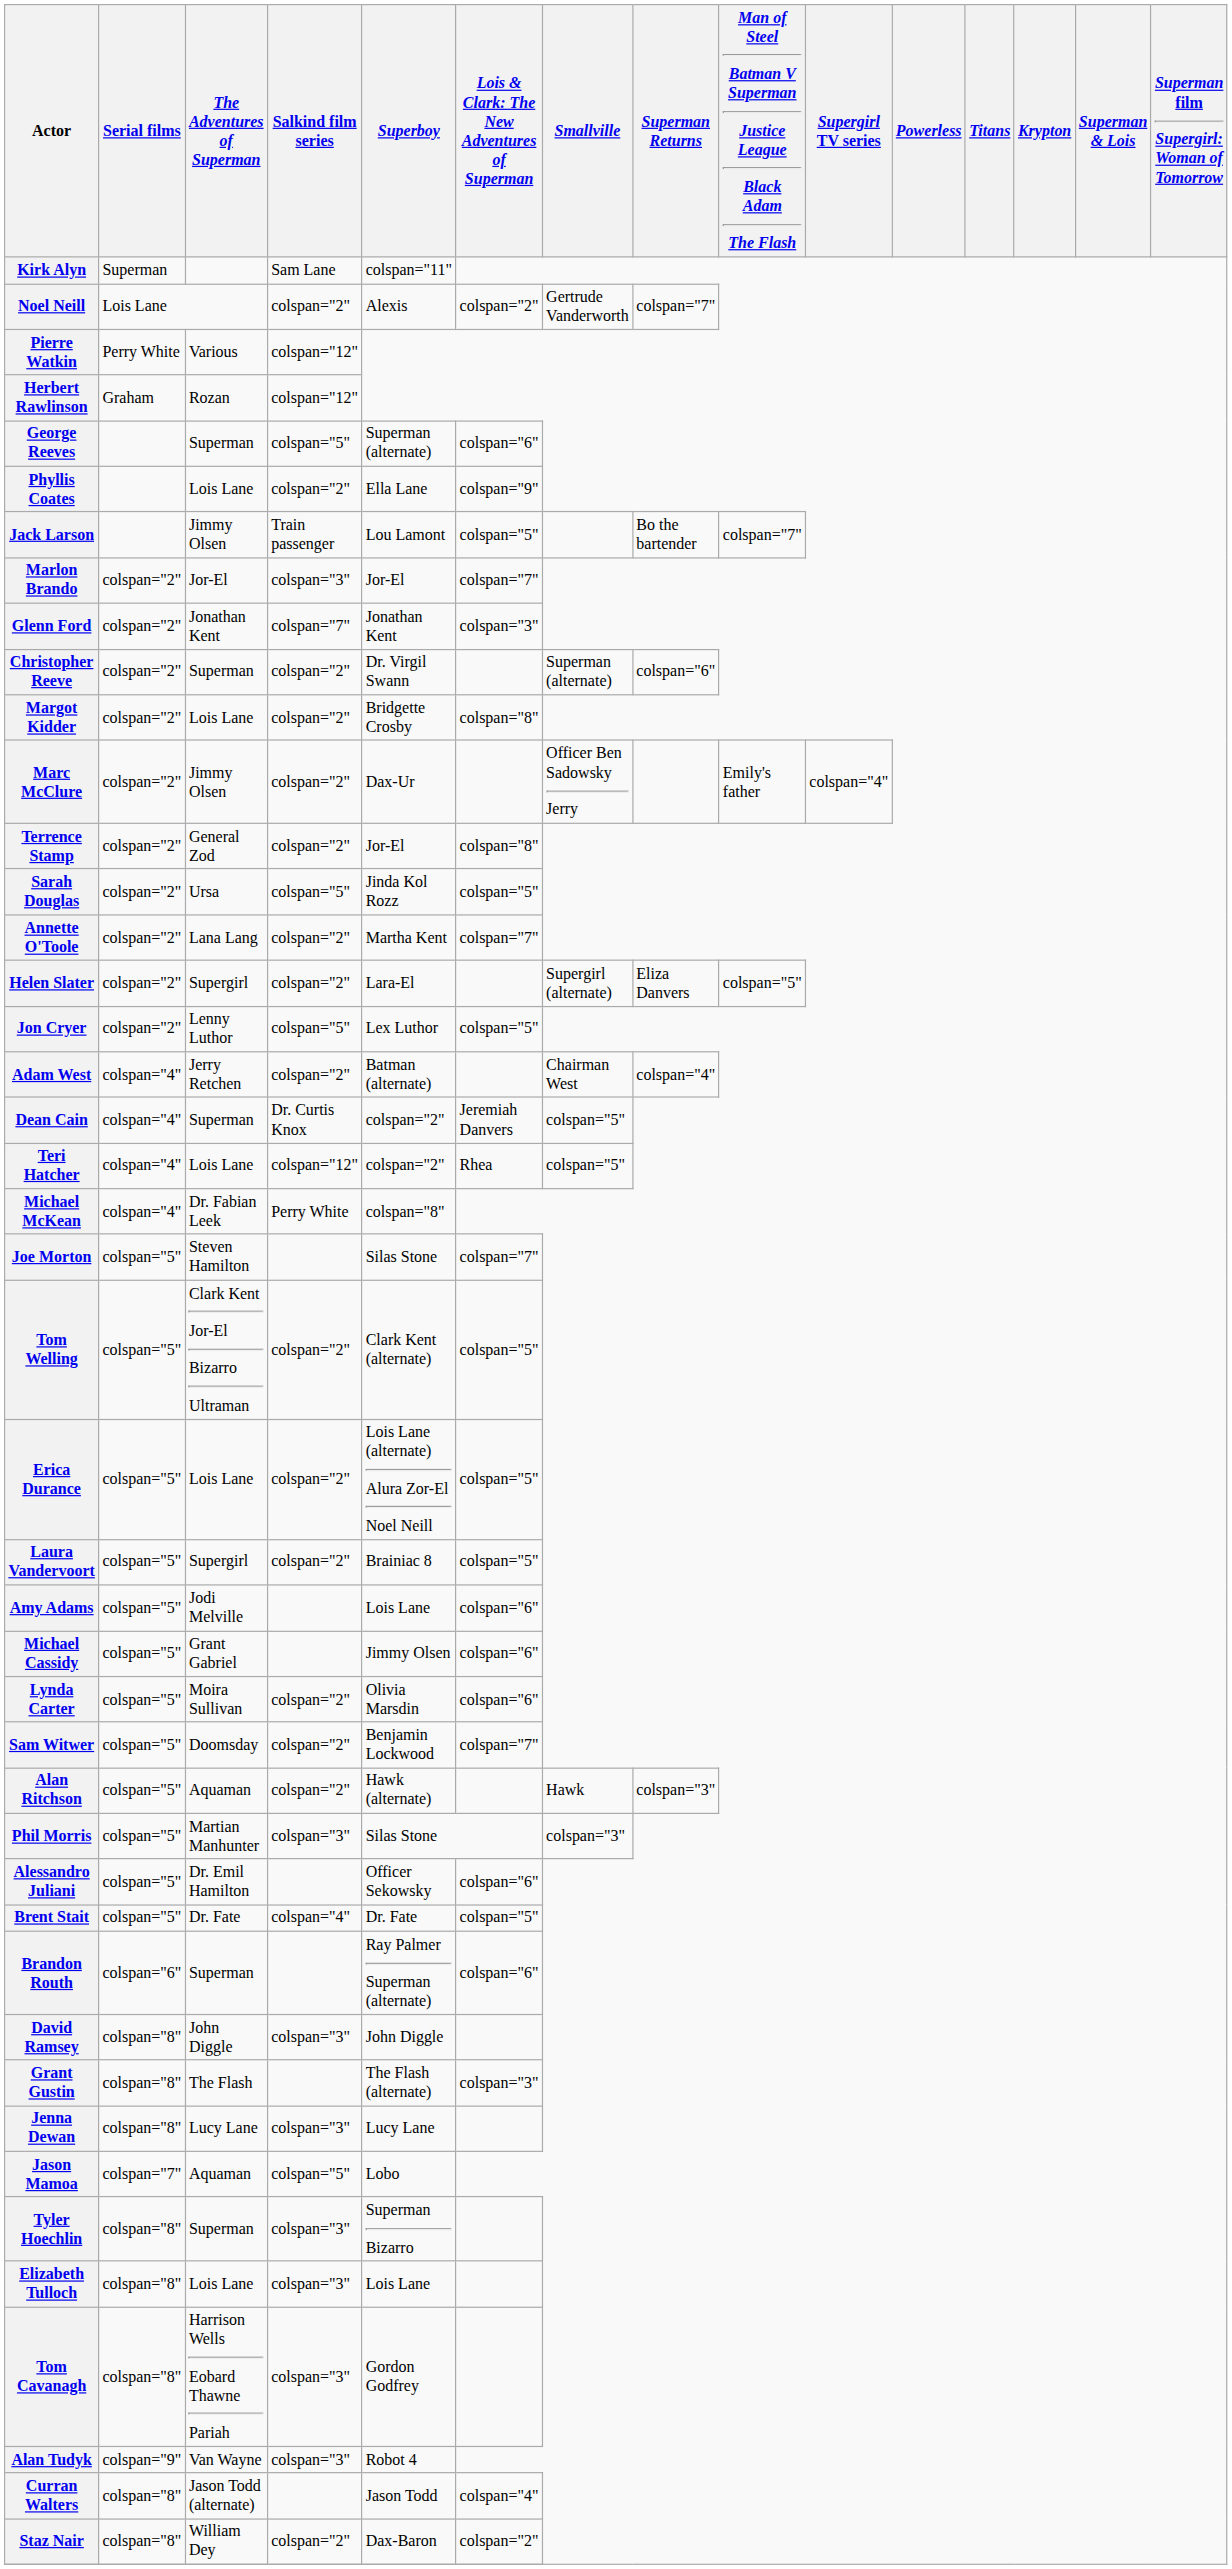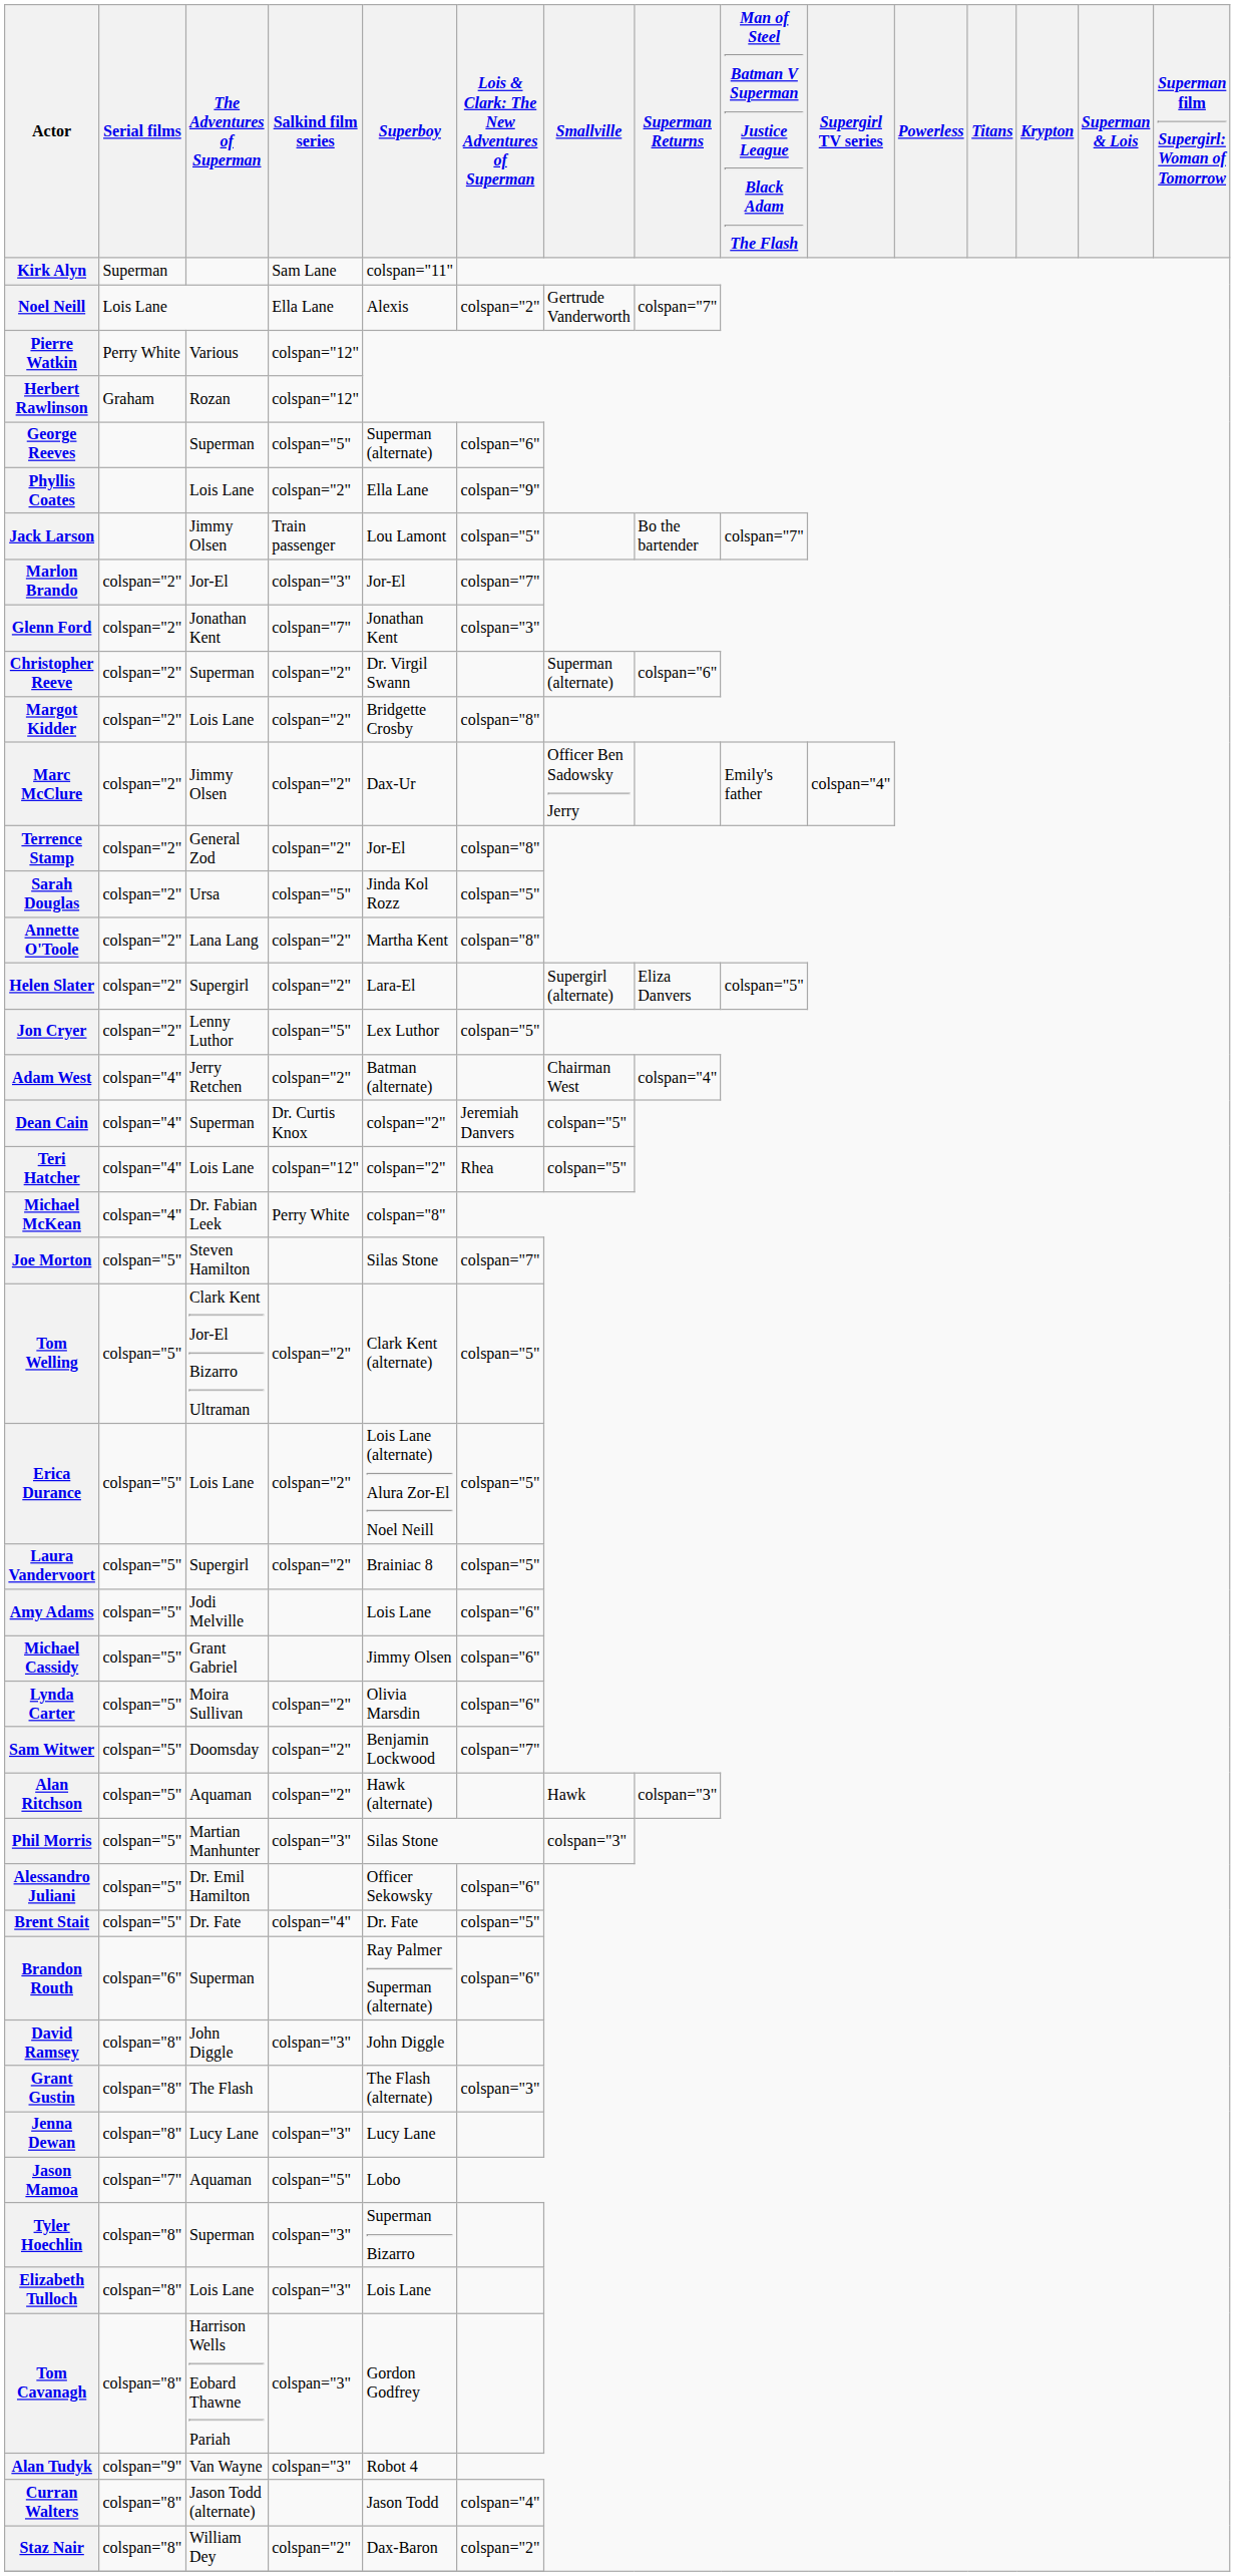 <table class="wikitable sortable sticky-header-multi" style="width:100%; font-size:84%;" id="liveactionactors">
 <tr>
 <th style="width:15%;">Actor</th>
 <th><a href='#'>Serial films</a><br></th>
 <th><em><a href='#'>The Adventures of Superman</a></em><br></th>
 <th><a href='#'>Salkind film series</a><br></th>
 <th><a href='#'><em>Superboy</em></a><br></th>
 <th><em><a href='#'>Lois & Clark: The New Adventures of Superman</a></em><br></th>
 <th><em><a href='#'>Smallville</a></em><br></th>
 <th><em><a href='#'>Superman Returns</a></em><br></th>
 <th><a href='#'><em>Man of Steel</em></a><hr><a href='#'><em>Batman V Superman</em></a><hr><a href='#'><em>Justice League</em></a><hr><a href='#'><em>Black Adam</em></a><hr><a href='#'><em>The Flash</em></a><br></th>
 <th><a href='#'><em>Supergirl</em> TV series</a><br></th>
 <th><em><a href='#'>Powerless</a></em><br></th>
 <th><a href='#'><em>Titans</em></a><br></th>
 <th><em><a href='#'>Krypton</a></em><br></th>
 <th><em><a href='#'>Superman & Lois</a></em><br></th>
 <th><a href='#'><em>Superman</em> film</a><hr> <a href='#'><em>Supergirl: Woman of Tomorrow</em></a><br></th>
 </tr>
 <tr>
 <th><a href='#'>Kirk Alyn</a></th>
 <td>Superman</td>
 <td></td>
 <td>Sam Lane</td>
 <td>colspan="11" </td>
 </tr>
 <tr>
 <th><a href='#'>Noel Neill</a></th>
 <td colspan="2">Lois Lane</td>
-<td>colspan="2" </td>
+<td>Ella Lane</td>
 <td>Alexis</td>
 <td>colspan="2" </td>
 <td>Gertrude Vanderworth</td>
 <td>colspan="7" </td>
 </tr>
 <tr>
 <th><a href='#'>Pierre Watkin</a></th>
 <td>Perry White</td>
 <td>Various</td>
 <td>colspan="12" </td>
 </tr>
 <tr>
 <th><a href='#'>Herbert Rawlinson</a></th>
 <td>Graham</td>
 <td>Rozan</td>
 <td>colspan="12" </td>
 </tr>
 <tr>
 <th><a href='#'>George Reeves</a></th>
 <td></td>
 <td>Superman</td>
 <td>colspan="5" </td>
 <td>Superman (alternate)</td>
 <td>colspan="6" </td>
 </tr>
 <tr>
 <th><a href='#'>Phyllis Coates</a></th>
 <td></td>
 <td>Lois Lane</td>
 <td>colspan="2" </td>
 <td>Ella Lane</td>
 <td>colspan="9" </td>
 </tr>
 <tr>
 <th><a href='#'>Jack Larson</a></th>
 <td></td>
 <td>Jimmy Olsen</td>
 <td>Train passenger</td>
 <td>Lou Lamont</td>
 <td>colspan="5" </td>
 <td></td>
 <td>Bo the bartender</td>
 <td>colspan="7" </td>
 </tr>
 <tr>
 <th><a href='#'>Marlon Brando</a></th>
 <td>colspan="2" </td>
 <td>Jor-El</td>
 <td>colspan="3" </td>
 <td>Jor-El</td>
 <td>colspan="7" </td>
 </tr>
 <tr>
 <th><a href='#'>Glenn Ford</a></th>
 <td>colspan="2" </td>
 <td>Jonathan Kent</td>
 <td>colspan="7" </td>
 <td>Jonathan Kent</td>
 <td>colspan="3" </td>
 </tr>
 <tr>
 <th><a href='#'>Christopher Reeve</a></th>
 <td>colspan="2" </td>
 <td>Superman</td>
 <td>colspan="2" </td>
 <td>Dr. Virgil Swann</td>
 <td></td>
 <td>Superman (alternate)</td>
 <td>colspan="6" </td>
 </tr>
 <tr>
 <th><a href='#'>Margot Kidder</a></th>
 <td>colspan="2" </td>
 <td>Lois Lane</td>
 <td>colspan="2" </td>
 <td>Bridgette Crosby</td>
 <td>colspan="8" </td>
 </tr>
 <tr>
 <th><a href='#'>Marc McClure</a></th>
 <td>colspan="2" </td>
 <td>Jimmy Olsen</td>
 <td>colspan="2" </td>
 <td>Dax-Ur</td>
 <td></td>
 <td>Officer Ben Sadowsky<hr>Jerry</td>
 <td></td>
 <td>Emily's father</td>
 <td>colspan="4" </td>
 </tr>
 <tr>
 <th><a href='#'>Terrence Stamp</a></th>
 <td>colspan="2" </td>
 <td>General Zod</td>
 <td>colspan="2" </td>
 <td>Jor-El</td>
 <td>colspan="8" </td>
 </tr>
 <tr>
 <th><a href='#'>Sarah Douglas</a></th>
 <td>colspan="2" </td>
 <td>Ursa</td>
 <td>colspan="5" </td>
 <td>Jinda Kol Rozz</td>
 <td>colspan="5" </td>
 </tr>
 <tr>
 <th><a href='#'>Annette O'Toole</a></th>
 <td>colspan="2" </td>
 <td>Lana Lang</td>
 <td>colspan="2" </td>
 <td>Martha Kent</td>
-<td>colspan="7" </td>
+<td>colspan="8" </td>
 </tr>
 <tr>
 <th><a href='#'>Helen Slater</a></th>
 <td>colspan="2" </td>
 <td>Supergirl</td>
 <td>colspan="2" </td>
 <td>Lara-El</td>
 <td></td>
 <td>Supergirl (alternate)</td>
 <td>Eliza Danvers</td>
 <td>colspan="5" </td>
 </tr>
 <tr>
 <th><a href='#'>Jon Cryer</a></th>
 <td>colspan="2" </td>
 <td>Lenny Luthor</td>
 <td>colspan="5" </td>
 <td>Lex Luthor</td>
 <td>colspan="5" </td>
 </tr>
 <tr>
 <th><a href='#'>Adam West</a></th>
 <td>colspan="4" </td>
 <td>Jerry Retchen</td>
 <td>colspan="2" </td>
 <td>Batman (alternate)</td>
 <td></td>
 <td>Chairman West</td>
 <td>colspan="4" </td>
 </tr>
 <tr>
 <th><a href='#'>Dean Cain</a></th>
 <td>colspan="4" </td>
 <td>Superman</td>
 <td>Dr. Curtis Knox</td>
 <td>colspan="2" </td>
 <td>Jeremiah Danvers</td>
 <td>colspan="5" </td>
 </tr>
 <tr>
 <th><a href='#'>Teri Hatcher</a></th>
 <td>colspan="4" </td>
 <td>Lois Lane</td>
 <td>colspan="12" </td>
 <td>colspan="2" </td>
 <td>Rhea</td>
 <td>colspan="5" </td>
 </tr>
 <tr>
 <th><a href='#'>Michael McKean</a></th>
 <td>colspan="4" </td>
 <td>Dr. Fabian Leek</td>
 <td>Perry White</td>
 <td>colspan="8" </td>
 </tr>
 <tr>
 <th><a href='#'>Joe Morton</a></th>
 <td>colspan="5" </td>
 <td>Steven Hamilton</td>
 <td></td>
 <td>Silas Stone</td>
 <td>colspan="7" </td>
 </tr>
 <tr>
 <th><a href='#'>Tom Welling</a></th>
 <td>colspan="5" </td>
 <td>Clark Kent<hr>Jor-El<hr>Bizarro<hr>Ultraman</td>
 <td>colspan="2" </td>
 <td>Clark Kent (alternate)</td>
 <td>colspan="5" </td>
 </tr>
 <tr>
 <th><a href='#'>Erica Durance</a></th>
 <td>colspan="5" </td>
 <td>Lois Lane</td>
 <td>colspan="2" </td>
 <td>Lois Lane (alternate)<hr>Alura Zor-El<hr>Noel Neill</td>
 <td>colspan="5" </td>
 </tr>
 <tr>
 <th><a href='#'>Laura Vandervoort</a></th>
 <td>colspan="5" </td>
 <td>Supergirl</td>
 <td>colspan="2" </td>
 <td>Brainiac 8</td>
 <td>colspan="5" </td>
 </tr>
 <tr>
 <th><a href='#'>Amy Adams</a></th>
 <td>colspan="5" </td>
 <td>Jodi Melville</td>
 <td></td>
 <td>Lois Lane</td>
 <td>colspan="6" </td>
 </tr>
 <tr>
 <th><a href='#'>Michael Cassidy</a></th>
 <td>colspan="5" </td>
 <td>Grant Gabriel</td>
 <td></td>
 <td>Jimmy Olsen</td>
 <td>colspan="6" </td>
 </tr>
 <tr>
 <th><a href='#'>Lynda Carter</a></th>
 <td>colspan="5" </td>
 <td>Moira Sullivan</td>
 <td>colspan="2" </td>
 <td>Olivia Marsdin</td>
 <td>colspan="6" </td>
 </tr>
 <tr>
 <th><a href='#'>Sam Witwer</a></th>
 <td>colspan="5" </td>
 <td>Doomsday</td>
 <td>colspan="2" </td>
 <td>Benjamin Lockwood</td>
 <td>colspan="7" </td>
 </tr>
 <tr>
 <th><a href='#'>Alan Ritchson</a></th>
 <td>colspan="5" </td>
 <td>Aquaman</td>
 <td>colspan="2" </td>
 <td>Hawk (alternate)</td>
 <td></td>
 <td>Hawk</td>
 <td>colspan="3" </td>
 </tr>
 <tr>
 <th><a href='#'>Phil Morris</a></th>
 <td>colspan="5" </td>
 <td>Martian Manhunter</td>
 <td>colspan="3" </td>
 <td colspan="2">Silas Stone</td>
 <td>colspan="3" </td>
 </tr>
 <tr>
 <th><a href='#'>Alessandro Juliani</a></th>
 <td>colspan="5" </td>
 <td>Dr. Emil Hamilton</td>
 <td></td>
 <td>Officer Sekowsky</td>
 <td>colspan="6" </td>
 </tr>
 <tr>
 <th><a href='#'>Brent Stait</a></th>
 <td>colspan="5" </td>
 <td>Dr. Fate</td>
 <td>colspan="4" </td>
 <td>Dr. Fate</td>
 <td>colspan="5" </td>
 </tr>
 <tr>
 <th><a href='#'>Brandon Routh</a></th>
 <td>colspan="6" </td>
 <td>Superman</td>
 <td></td>
 <td>Ray Palmer<hr>Superman (alternate)</td>
 <td>colspan="6" </td>
 </tr>
 <tr>
 <th><a href='#'>David Ramsey</a></th>
 <td>colspan="8" </td>
 <td>John Diggle</td>
 <td>colspan="3" </td>
 <td>John Diggle</td>
 <td></td>
 </tr>
 <tr>
 <th><a href='#'>Grant Gustin</a></th>
 <td>colspan="8" </td>
 <td>The Flash</td>
 <td></td>
 <td>The Flash (alternate)</td>
 <td>colspan="3" </td>
 </tr>
 <tr>
 <th><a href='#'>Jenna Dewan</a></th>
 <td>colspan="8" </td>
 <td>Lucy Lane</td>
 <td>colspan="3" </td>
 <td>Lucy Lane</td>
 <td></td>
 </tr>
 <tr>
 <th><a href='#'>Jason Mamoa</a></th>
 <td>colspan="7" </td>
 <td>Aquaman</td>
 <td>colspan="5" </td>
 <td>Lobo</td>
 </tr>
 <tr>
 <th><a href='#'>Tyler Hoechlin</a></th>
 <td>colspan="8" </td>
 <td>Superman</td>
 <td>colspan="3" </td>
 <td>Superman<hr>Bizarro</td>
 <td></td>
 </tr>
 <tr>
 <th><a href='#'>Elizabeth Tulloch</a></th>
 <td>colspan="8" </td>
 <td>Lois Lane</td>
 <td>colspan="3" </td>
 <td>Lois Lane</td>
 <td></td>
 </tr>
 <tr>
 <th><a href='#'>Tom Cavanagh</a></th>
 <td>colspan="8" </td>
 <td>Harrison Wells<hr>Eobard Thawne<hr>Pariah</td>
 <td>colspan="3" </td>
 <td>Gordon Godfrey</td>
 <td></td>
 </tr>
 <tr>
 <th><a href='#'>Alan Tudyk</a></th>
 <td>colspan="9" </td>
 <td>Van Wayne</td>
 <td>colspan="3" </td>
 <td>Robot 4</td>
 </tr>
 <tr>
 <th><a href='#'>Curran Walters</a></th>
 <td>colspan="8" </td>
 <td>Jason Todd (alternate)</td>
 <td></td>
 <td>Jason Todd</td>
 <td>colspan="4" </td>
 </tr>
 <tr>
 <th><a href='#'>Staz Nair</a></th>
 <td>colspan="8" </td>
 <td>William Dey</td>
 <td>colspan="2" </td>
 <td>Dax-Baron</td>
 <td>colspan="2" </td>
 </tr>
 <tr>
 </tr>
 </table>
